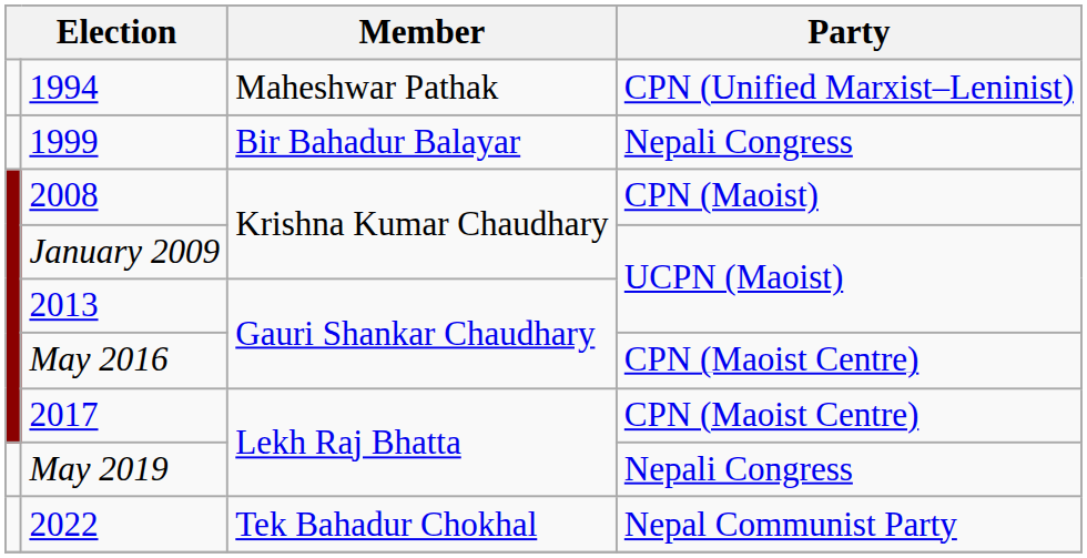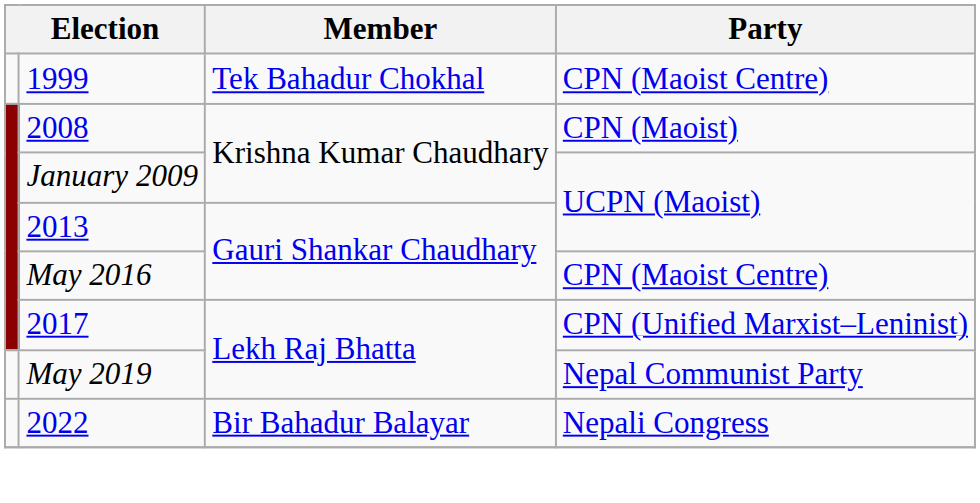 <table class="wikitable">
 <tr>
 <th colspan="2">Election</th>
 <th>Member</th>
 <th>Party</th>
 </tr>
 <tr>
 <td style="background-color:"></td>
-<td><a href='#'>1994</a></td>
-<td>Maheshwar Pathak</td>
-<td><a href='#'>CPN (Unified Marxist–Leninist)</a></td>
-</tr>
-<tr>
-<td style="background-color:"></td>
 <td><a href='#'>1999</a></td>
-<td><a href='#'>Bir Bahadur Balayar</a></td>
-<td><a href='#'>Nepali Congress</a></td>
+<td><a href='#'>Tek Bahadur Chokhal</a></td>
+<td><a href='#'>CPN (Maoist Centre)</a></td>
 </tr>
 <tr>
 <td rowspan="5" style="background-color:darkred"></td>
 <td><a href='#'>2008</a></td>
 <td rowspan="2">Krishna Kumar Chaudhary</td>
 <td><a href='#'>CPN (Maoist)</a></td>
 </tr>
 <tr>
 <td><em>January 2009</em></td>
 <td rowspan="2"><a href='#'>UCPN (Maoist)</a></td>
 </tr>
 <tr>
 <td><a href='#'>2013</a></td>
 <td rowspan="2"><a href='#'>Gauri Shankar Chaudhary</a></td>
 </tr>
 <tr>
 <td><em>May 2016</em></td>
 <td><a href='#'>CPN (Maoist Centre)</a></td>
 </tr>
 <tr>
 <td><a href='#'>2017</a></td>
 <td rowspan="2"><a href='#'>Lekh Raj Bhatta</a></td>
-<td><a href='#'>CPN (Maoist Centre)</a></td>
+<td><a href='#'>CPN (Unified Marxist–Leninist)</a></td>
 </tr>
 <tr>
 <td style="background-color:"></td>
 <td><em>May 2019</em></td>
-<td><a href='#'>Nepali Congress</a></td>
+<td><a href='#'>Nepal Communist Party</a></td>
 </tr>
 <tr>
 <td style="background-color:"></td>
 <td><a href='#'>2022</a></td>
-<td><a href='#'>Tek Bahadur Chokhal</a></td>
-<td><a href='#'>Nepal Communist Party</a></td>
+<td><a href='#'>Bir Bahadur Balayar</a></td>
+<td><a href='#'>Nepali Congress</a></td>
 </tr>
 <tr>
 </tr>
 </table>
